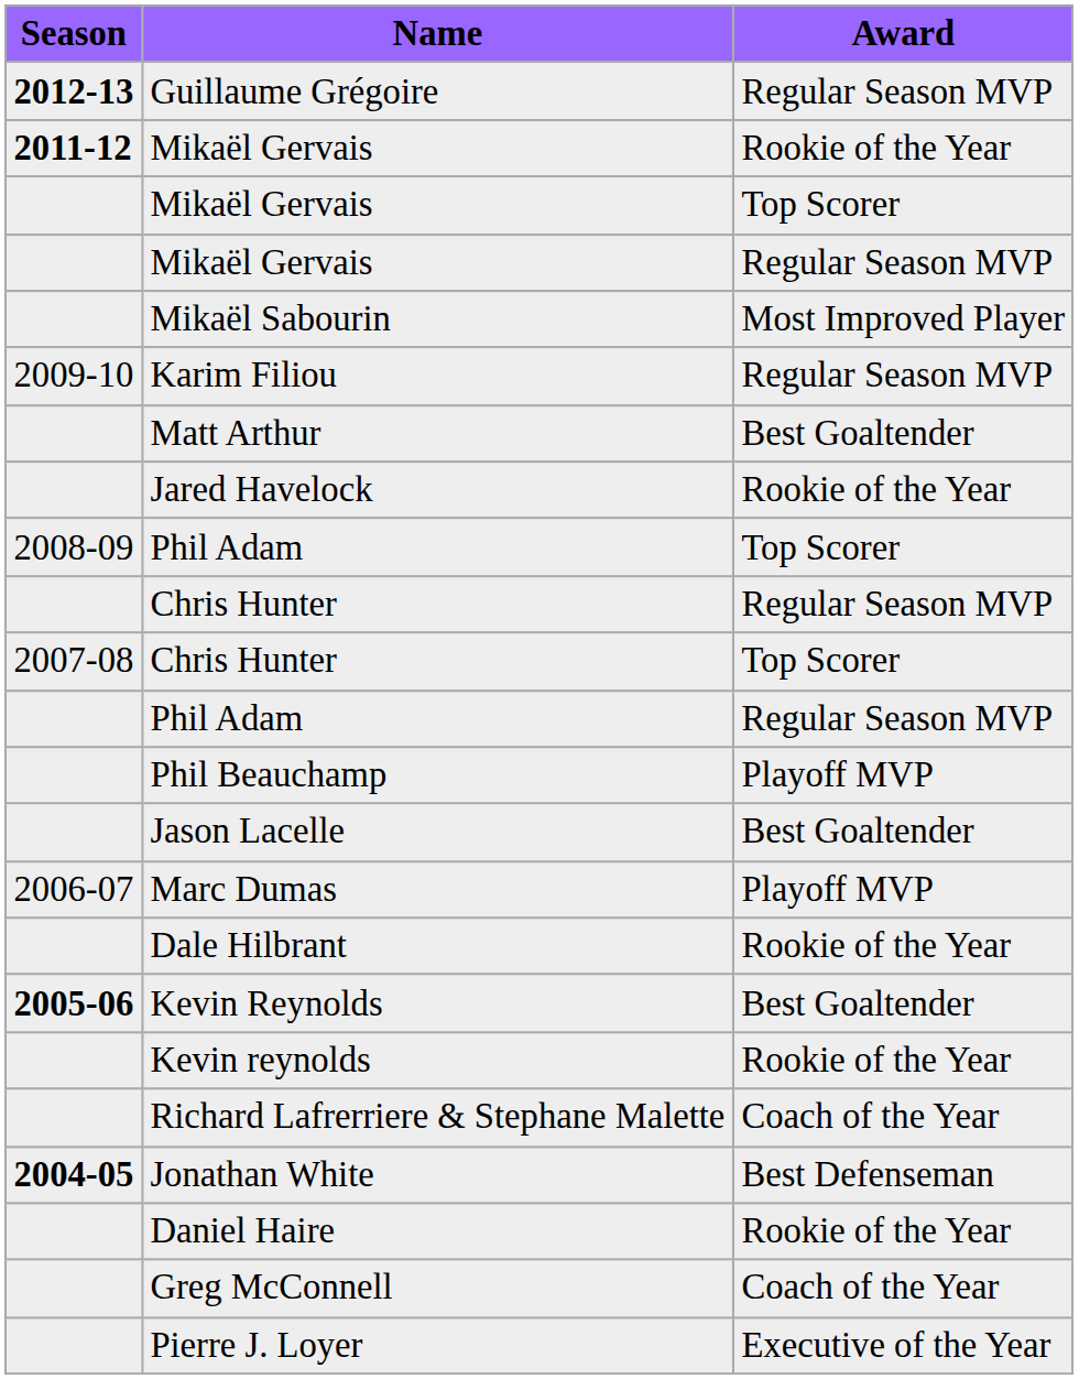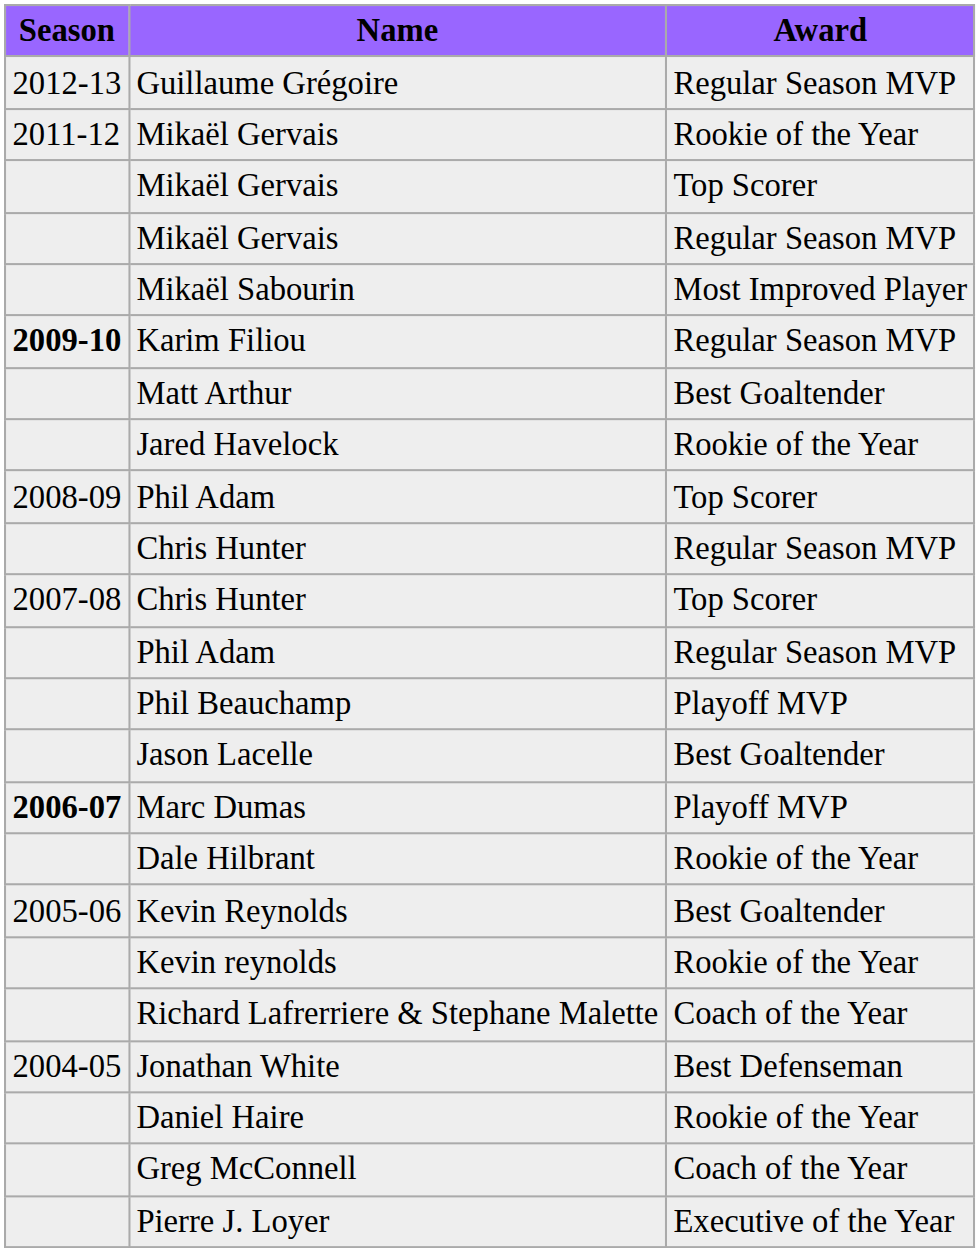 <table class="wikitable">
 <tr align="center" style="color: #000000" bgcolor="#9966FF">
 <td><strong>Season</strong></td>
 <td><strong> Name </strong></td>
 <td><strong> Award </strong></td>
 </tr>
 <tr align="left" bgcolor="#eeeeee">
-<td><strong>2012-13</strong></td>
+<td>2012-13</td>
 <td>Guillaume Grégoire</td>
 <td>Regular Season MVP</td>
 </tr>
 <tr align="left" bgcolor="#eeeeee">
-<td><strong>2011-12</strong></td>
+<td>2011-12</td>
 <td>Mikaël Gervais</td>
 <td>Rookie of the Year</td>
 </tr>
 <tr align="left" bgcolor="#eeeeee">
 <td></td>
 <td>Mikaël Gervais</td>
 <td>Top Scorer</td>
 </tr>
 <tr align="left" bgcolor="#eeeeee">
 <td></td>
 <td>Mikaël Gervais</td>
 <td>Regular Season MVP</td>
 </tr>
 <tr align="left" bgcolor="#eeeeee">
 <td></td>
 <td>Mikaël Sabourin</td>
 <td>Most Improved Player</td>
 </tr>
 <tr align="left" bgcolor="#eeeeee">
-<td>2009-10</td>
+<td><strong>2009-10</strong></td>
 <td>Karim Filiou</td>
 <td>Regular Season MVP</td>
 </tr>
 <tr align="left" bgcolor="#eeeeee">
 <td></td>
 <td>Matt Arthur</td>
 <td>Best Goaltender</td>
 </tr>
 <tr align="left" bgcolor="#eeeeee">
 <td></td>
 <td>Jared Havelock</td>
 <td>Rookie of the Year</td>
 </tr>
 <tr align="left" bgcolor="#eeeeee">
 <td>2008-09</td>
 <td>Phil Adam</td>
 <td>Top Scorer</td>
 </tr>
 <tr align="left" bgcolor="#eeeeee">
 <td></td>
 <td>Chris Hunter</td>
 <td>Regular Season MVP</td>
 </tr>
 <tr align="left" bgcolor="#eeeeee">
 <td>2007-08</td>
 <td>Chris Hunter</td>
 <td>Top Scorer</td>
 </tr>
 <tr align="left" bgcolor="#eeeeee">
 <td></td>
 <td>Phil Adam</td>
 <td>Regular Season MVP</td>
 </tr>
 <tr align="left" bgcolor="#eeeeee">
 <td></td>
 <td>Phil Beauchamp</td>
 <td>Playoff MVP</td>
 </tr>
 <tr align="left" bgcolor="#eeeeee">
 <td></td>
 <td>Jason Lacelle</td>
 <td>Best Goaltender</td>
 </tr>
 <tr align="left" bgcolor="#eeeeee">
-<td>2006-07</td>
+<td><strong>2006-07</strong></td>
 <td>Marc Dumas</td>
 <td>Playoff MVP</td>
 </tr>
 <tr align="left" bgcolor="#eeeeee">
 <td></td>
 <td>Dale Hilbrant</td>
 <td>Rookie of the Year</td>
 </tr>
 <tr align="left" bgcolor="#eeeeee">
-<td><strong>2005-06</strong></td>
+<td>2005-06</td>
 <td>Kevin Reynolds</td>
 <td>Best Goaltender</td>
 </tr>
 <tr align="left" bgcolor="#eeeeee">
 <td></td>
 <td>Kevin reynolds</td>
 <td>Rookie of the Year</td>
 </tr>
 <tr align="left" bgcolor="#eeeeee">
 <td></td>
 <td>Richard Lafrerriere & Stephane Malette</td>
 <td>Coach of the Year</td>
 </tr>
 <tr align="left" bgcolor="#eeeeee">
-<td><strong>2004-05</strong></td>
+<td>2004-05</td>
 <td>Jonathan White</td>
 <td>Best Defenseman</td>
 </tr>
 <tr align="left" bgcolor="#eeeeee">
 <td></td>
 <td>Daniel Haire</td>
 <td>Rookie of the Year</td>
 </tr>
 <tr align="left" bgcolor="#eeeeee">
 <td></td>
 <td>Greg McConnell</td>
 <td>Coach of the Year</td>
 </tr>
 <tr align="left" bgcolor="#eeeeee">
 <td></td>
 <td>Pierre J. Loyer</td>
 <td>Executive of the Year</td>
 </tr>
 <tr align="left" bgcolor="#eeeeee">
 </tr>
 </table>
